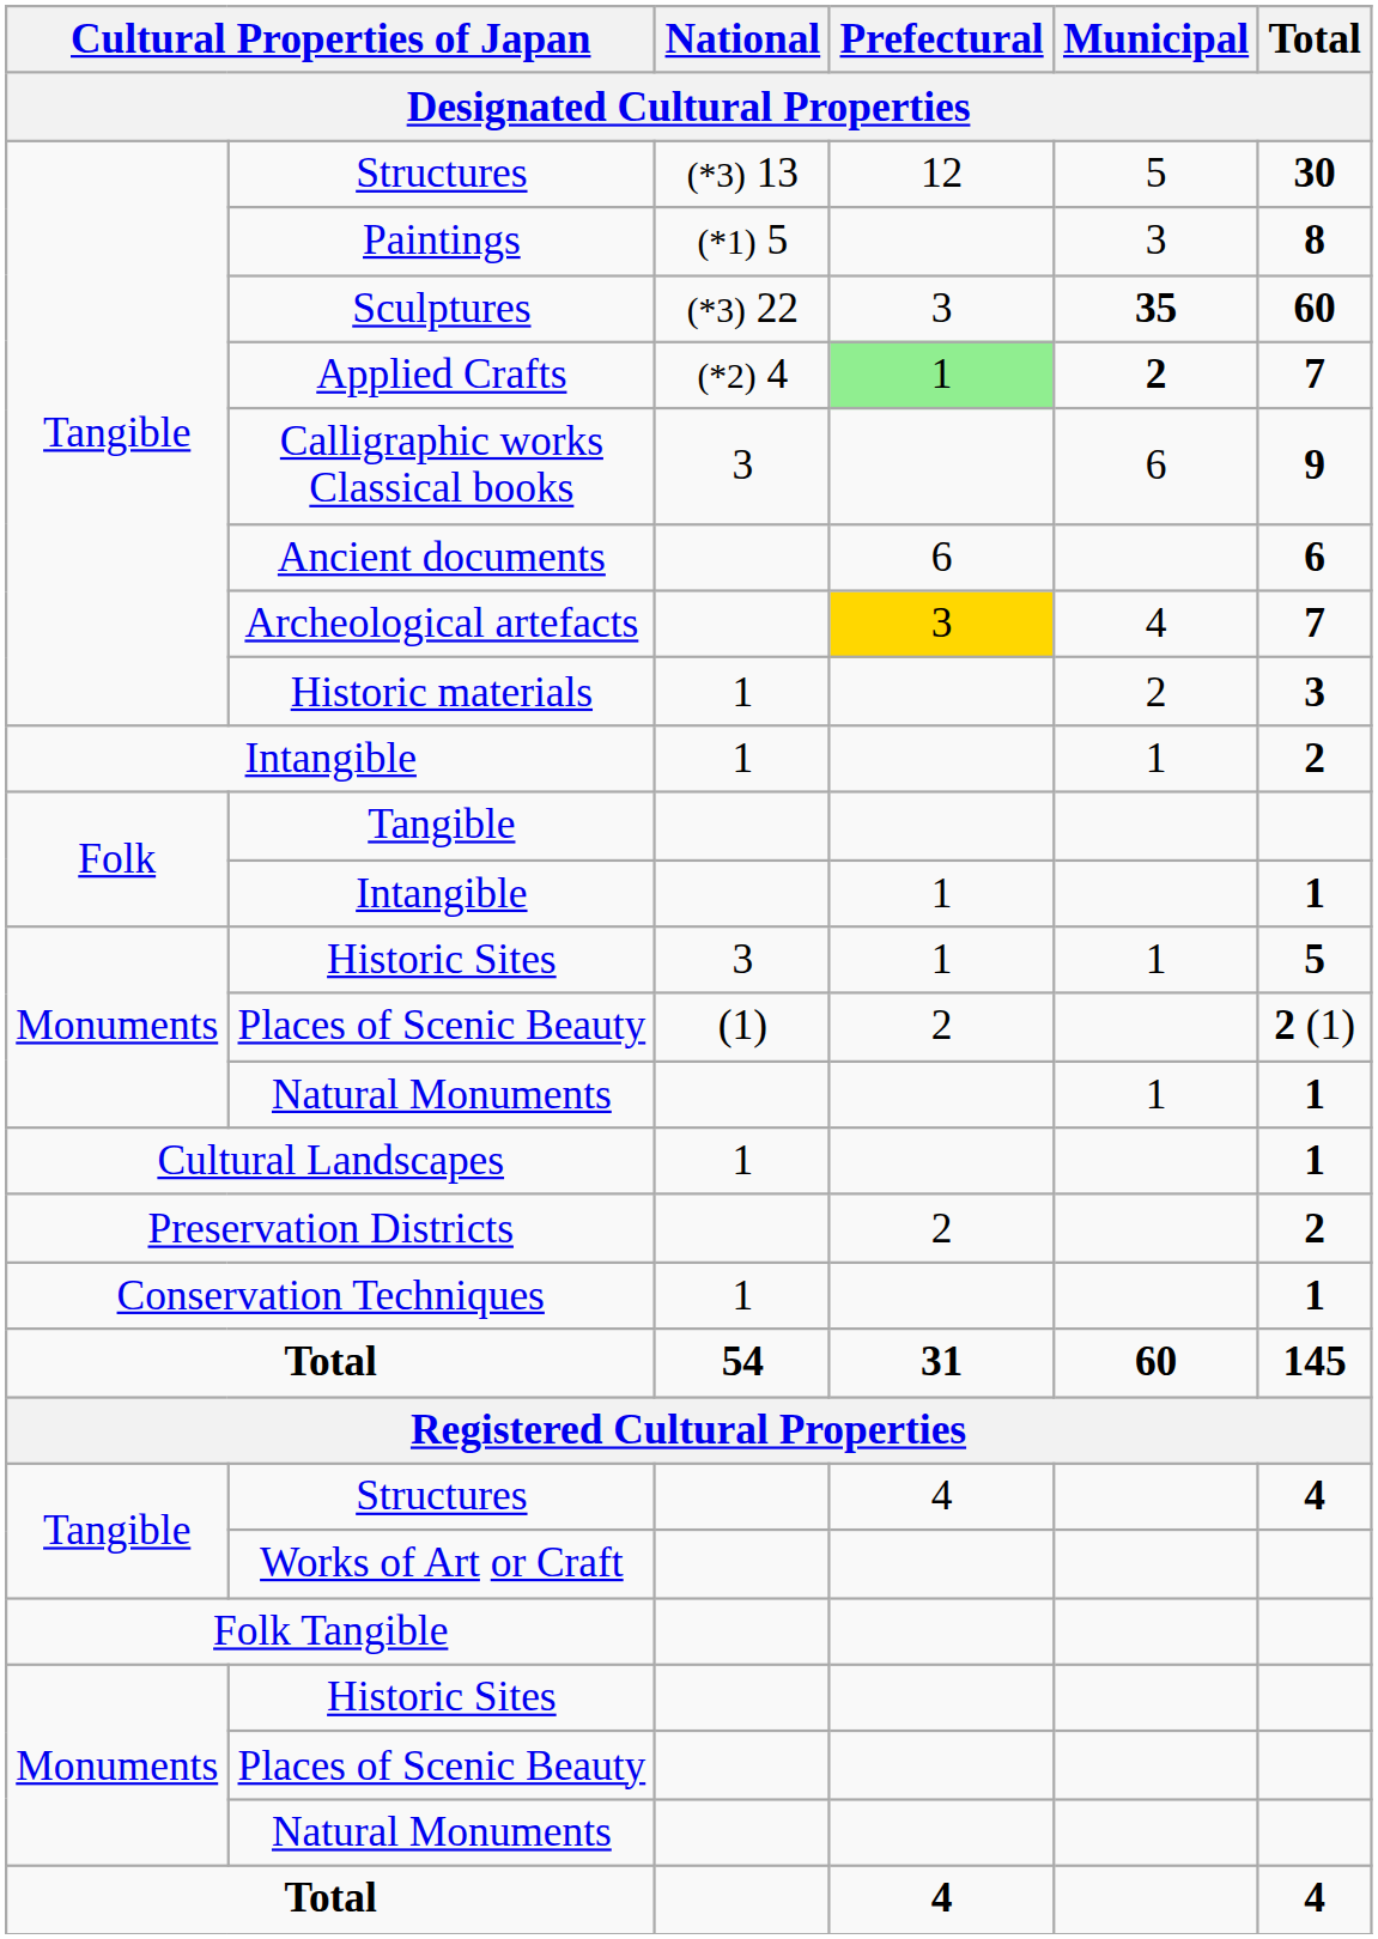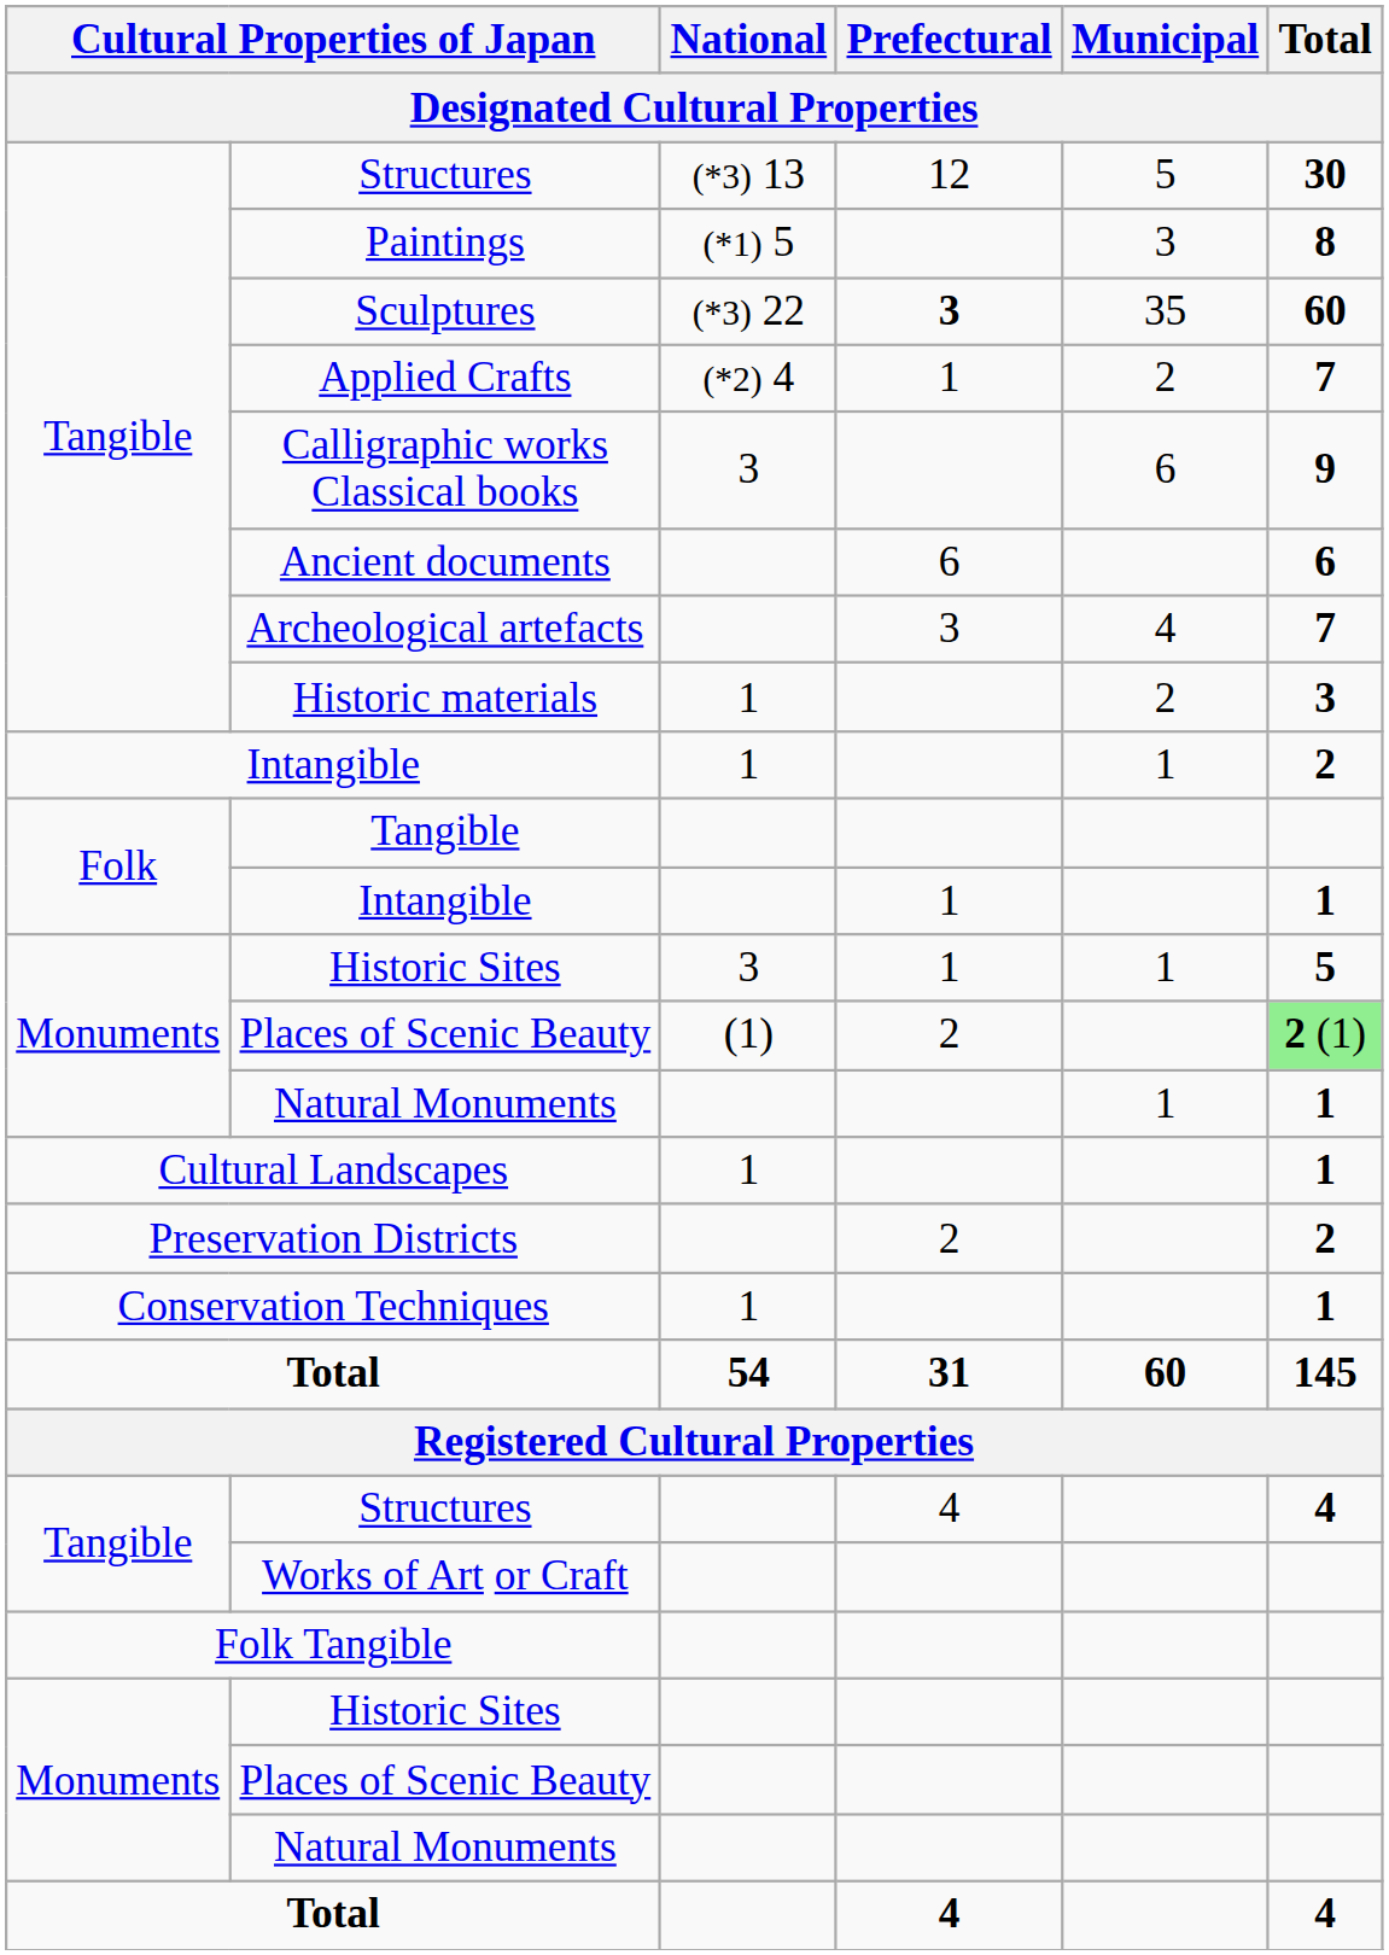 <table class="wikitable">
 <tr>
 <th colspan="2" style="text-align: center;"><a href='#'>Cultural Properties of Japan</a></th>
 <th><a href='#'>National</a></th>
 <th><a href='#'>Prefectural</a></th>
 <th><a href='#'>Municipal</a></th>
 <th><strong>Total</strong></th>
 </tr>
 <tr align="center">
 <th colspan="6" style="text-align: center;"><a href='#'>Designated Cultural Properties</a></th>
 </tr>
 <tr align="center">
 <td rowspan="8"><a href='#'>Tangible</a></td>
 <td><a href='#'>Structures</a></td>
 <td><small>(*3)</small> 13</td>
 <td>12</td>
 <td>5</td>
 <td><strong>30</strong></td>
 </tr>
 <tr align="center">
 <td><a href='#'>Paintings</a></td>
 <td><small>(*1)</small> 5</td>
 <td></td>
 <td>3</td>
 <td><strong>8</strong></td>
 </tr>
 <tr align="center">
 <td><a href='#'>Sculptures</a></td>
 <td><small>(*3)</small> 22</td>
-<td>3</td>
-<td><strong>35</strong></td>
+<td><strong>3</strong></td>
+<td>35</td>
 <td><strong>60</strong></td>
 </tr>
 <tr align="center">
 <td><a href='#'>Applied Crafts</a></td>
 <td><small>(*2)</small> 4</td>
-<td style="background: lightgreen;">1</td>
-<td><strong>2</strong></td>
+<td>1</td>
+<td>2</td>
 <td><strong>7</strong></td>
 </tr>
 <tr align="center">
 <td><a href='#'>Calligraphic works</a><br><a href='#'>Classical books</a></td>
 <td>3</td>
 <td></td>
 <td>6</td>
 <td><strong>9</strong></td>
 </tr>
 <tr align="center">
 <td><a href='#'>Ancient documents</a></td>
 <td></td>
 <td>6</td>
 <td></td>
 <td><strong>6</strong></td>
 </tr>
 <tr align="center">
 <td><a href='#'>Archeological artefacts</a></td>
 <td></td>
-<td style="background: gold;">3</td>
+<td>3</td>
 <td>4</td>
 <td><strong>7</strong></td>
 </tr>
 <tr align="center">
 <td><a href='#'>Historic materials</a></td>
 <td>1</td>
 <td></td>
 <td>2</td>
 <td><strong>3</strong></td>
 </tr>
 <tr align="center">
 <td colspan="2" style="text-align: center;"><a href='#'>Intangible</a></td>
 <td>1</td>
 <td></td>
 <td>1</td>
 <td><strong>2</strong></td>
 </tr>
 <tr align="center">
 <td rowspan="2"><a href='#'>Folk</a></td>
 <td><a href='#'>Tangible</a></td>
 <td></td>
 <td></td>
 <td></td>
 <td></td>
 </tr>
 <tr align="center">
 <td><a href='#'>Intangible</a></td>
 <td></td>
 <td>1</td>
 <td></td>
 <td><strong>1</strong></td>
 </tr>
 <tr align="center">
 <td rowspan="3"><a href='#'>Monuments</a></td>
 <td><a href='#'>Historic Sites</a></td>
 <td>3</td>
 <td>1</td>
 <td>1</td>
 <td><strong>5</strong></td>
 </tr>
 <tr align="center">
 <td><a href='#'>Places of Scenic Beauty</a></td>
 <td>(1)</td>
 <td>2</td>
 <td></td>
-<td><strong>2</strong> (1)</td>
+<td style="background: lightgreen;"><strong>2</strong> (1)</td>
 </tr>
 <tr align="center">
 <td><a href='#'>Natural Monuments</a></td>
 <td></td>
 <td></td>
 <td>1</td>
 <td><strong>1</strong></td>
 </tr>
 <tr align="center">
 <td colspan="2" style="text-align: center;"><a href='#'>Cultural Landscapes</a></td>
 <td>1</td>
 <td></td>
 <td></td>
 <td><strong>1</strong></td>
 </tr>
 <tr align="center">
 <td colspan="2" style="text-align: center;"><a href='#'>Preservation Districts</a></td>
 <td></td>
 <td>2</td>
 <td></td>
 <td><strong>2</strong></td>
 </tr>
 <tr align="center">
 <td colspan="2" style="text-align: center;"><a href='#'>Conservation Techniques</a></td>
 <td>1</td>
 <td></td>
 <td></td>
 <td><strong>1</strong></td>
 </tr>
 <tr align="center">
 <td colspan="2" style="text-align: center;"><strong>Total</strong></td>
 <td><strong>54</strong></td>
 <td><strong>31</strong></td>
 <td><strong>60</strong></td>
 <td><strong>145</strong></td>
 </tr>
 <tr align="center">
 <th colspan="6" style="text-align: center;"><a href='#'>Registered Cultural Properties</a></th>
 </tr>
 <tr align="center">
 <td rowspan="2"><a href='#'>Tangible</a></td>
 <td><a href='#'>Structures</a></td>
 <td></td>
 <td>4</td>
 <td></td>
 <td><strong>4</strong></td>
 </tr>
 <tr align="center">
 <td><a href='#'>Works of Art</a> <a href='#'>or Craft</a></td>
 <td></td>
 <td></td>
 <td></td>
 <td></td>
 </tr>
 <tr align="center">
 <td colspan="2" style="text-align: center;"><a href='#'>Folk Tangible</a></td>
 <td></td>
 <td></td>
 <td></td>
 <td></td>
 </tr>
 <tr align="center">
 <td rowspan="3"><a href='#'>Monuments</a></td>
 <td><a href='#'>Historic Sites</a></td>
 <td></td>
 <td></td>
 <td></td>
 <td></td>
 </tr>
 <tr align="center">
 <td><a href='#'>Places of Scenic Beauty</a></td>
 <td></td>
 <td></td>
 <td></td>
 <td></td>
 </tr>
 <tr align="center">
 <td><a href='#'>Natural Monuments</a></td>
 <td></td>
 <td></td>
 <td></td>
 <td></td>
 </tr>
 <tr align="center">
 <td colspan="2" style="text-align: center;"><strong>Total</strong></td>
 <td></td>
 <td><strong>4</strong></td>
 <td></td>
 <td><strong>4</strong></td>
 </tr>
 <tr>
 </tr>
 </table>
